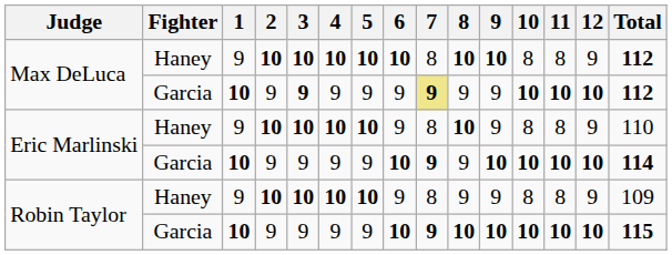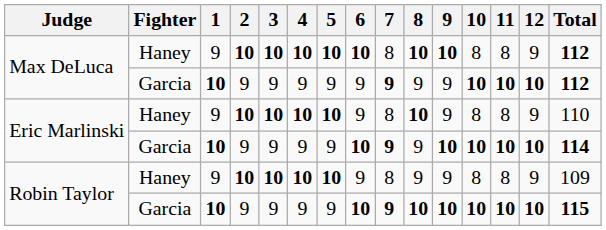 <table class="wikitable" style="text-align:center">
 <tr>
 <th align="left">Judge</th>
 <th>Fighter</th>
 <th> 1 </th>
 <th> 2 </th>
 <th> 3 </th>
 <th> 4 </th>
 <th> 5 </th>
 <th> 6 </th>
 <th> 7 </th>
 <th> 8 </th>
 <th> 9 </th>
 <th>10</th>
 <th>11</th>
 <th>12</th>
 <th>Total</th>
 </tr>
 <tr>
 <td rowspan="2" style="text-align:left;">Max DeLuca</td>
 <td>Haney</td>
 <td>9</td>
 <td><strong>10</strong></td>
 <td><strong>10</strong></td>
 <td><strong>10</strong></td>
 <td><strong>10</strong></td>
 <td><strong>10</strong></td>
 <td>8</td>
 <td><strong>10</strong></td>
 <td><strong>10</strong></td>
 <td>8</td>
 <td>8</td>
 <td>9</td>
 <td><strong>112</strong></td>
 </tr>
 <tr>
 <td>Garcia</td>
 <td><strong>10</strong></td>
 <td>9</td>
-<td><strong>9</strong></td>
 <td>9</td>
 <td>9</td>
 <td>9</td>
-<td style="background: khaki;"><strong>9</strong></td>
+<td>9</td>
+<td><strong>9</strong></td>
 <td>9</td>
 <td>9</td>
 <td><strong>10</strong></td>
 <td><strong>10</strong></td>
 <td><strong>10</strong></td>
 <td><strong>112</strong></td>
 </tr>
 <tr>
 <td rowspan="2" style="text-align:left;">Eric Marlinski</td>
 <td>Haney</td>
 <td>9</td>
 <td><strong>10</strong></td>
 <td><strong>10</strong></td>
 <td><strong>10</strong></td>
 <td><strong>10</strong></td>
 <td>9</td>
 <td>8</td>
 <td><strong>10</strong></td>
 <td>9</td>
 <td>8</td>
 <td>8</td>
 <td>9</td>
 <td>110</td>
 </tr>
 <tr>
 <td>Garcia</td>
 <td><strong>10</strong></td>
 <td>9</td>
 <td>9</td>
 <td>9</td>
 <td>9</td>
 <td><strong>10</strong></td>
 <td><strong>9</strong></td>
 <td>9</td>
 <td><strong>10</strong></td>
 <td><strong>10</strong></td>
 <td><strong>10</strong></td>
 <td><strong>10</strong></td>
 <td><strong>114</strong></td>
 </tr>
 <tr>
 <td rowspan="2" style="text-align:left;">Robin Taylor</td>
 <td>Haney</td>
 <td>9</td>
 <td><strong>10</strong></td>
 <td><strong>10</strong></td>
 <td><strong>10</strong></td>
 <td><strong>10</strong></td>
 <td>9</td>
 <td>8</td>
 <td>9</td>
 <td>9</td>
 <td>8</td>
 <td>8</td>
 <td>9</td>
 <td>109</td>
 </tr>
 <tr>
 <td>Garcia</td>
 <td><strong>10</strong></td>
 <td>9</td>
 <td>9</td>
 <td>9</td>
 <td>9</td>
 <td><strong>10</strong></td>
 <td><strong>9</strong></td>
 <td><strong>10</strong></td>
 <td><strong>10</strong></td>
 <td><strong>10</strong></td>
 <td><strong>10</strong></td>
 <td><strong>10</strong></td>
 <td><strong>115</strong></td>
 </tr>
 </table>
